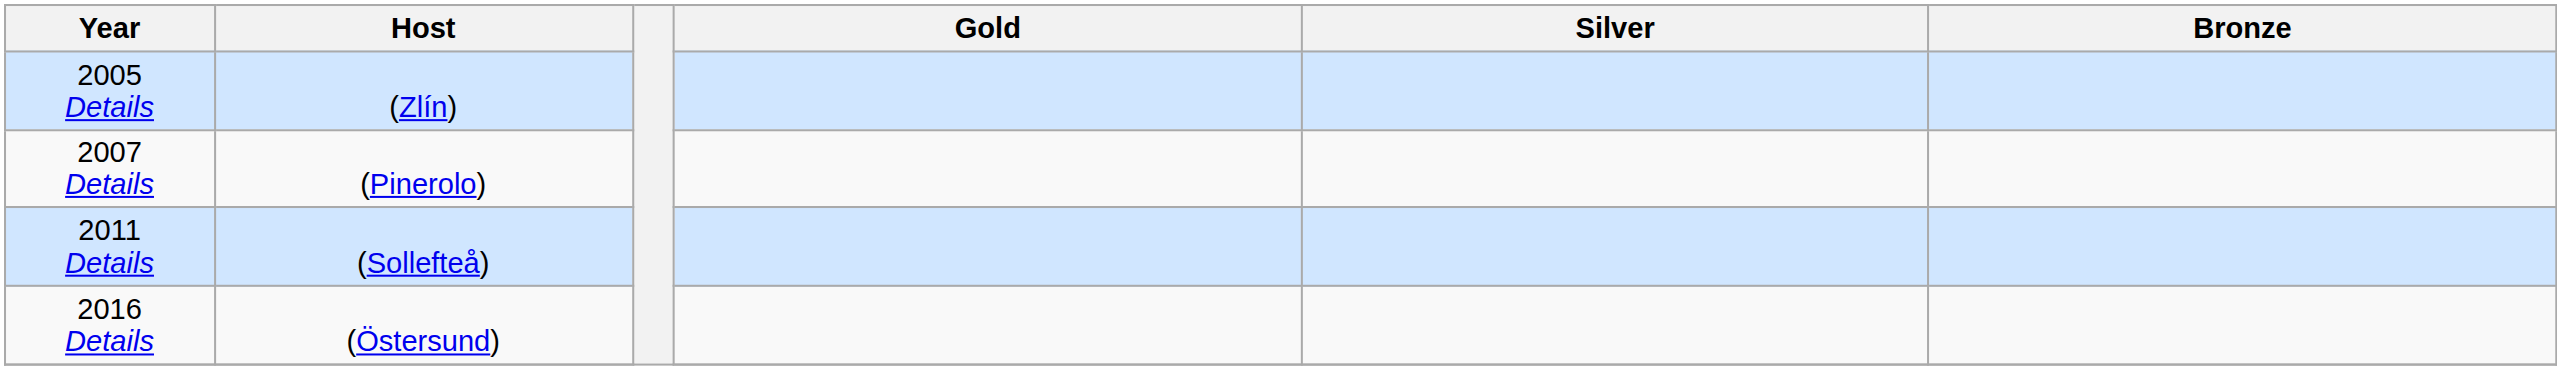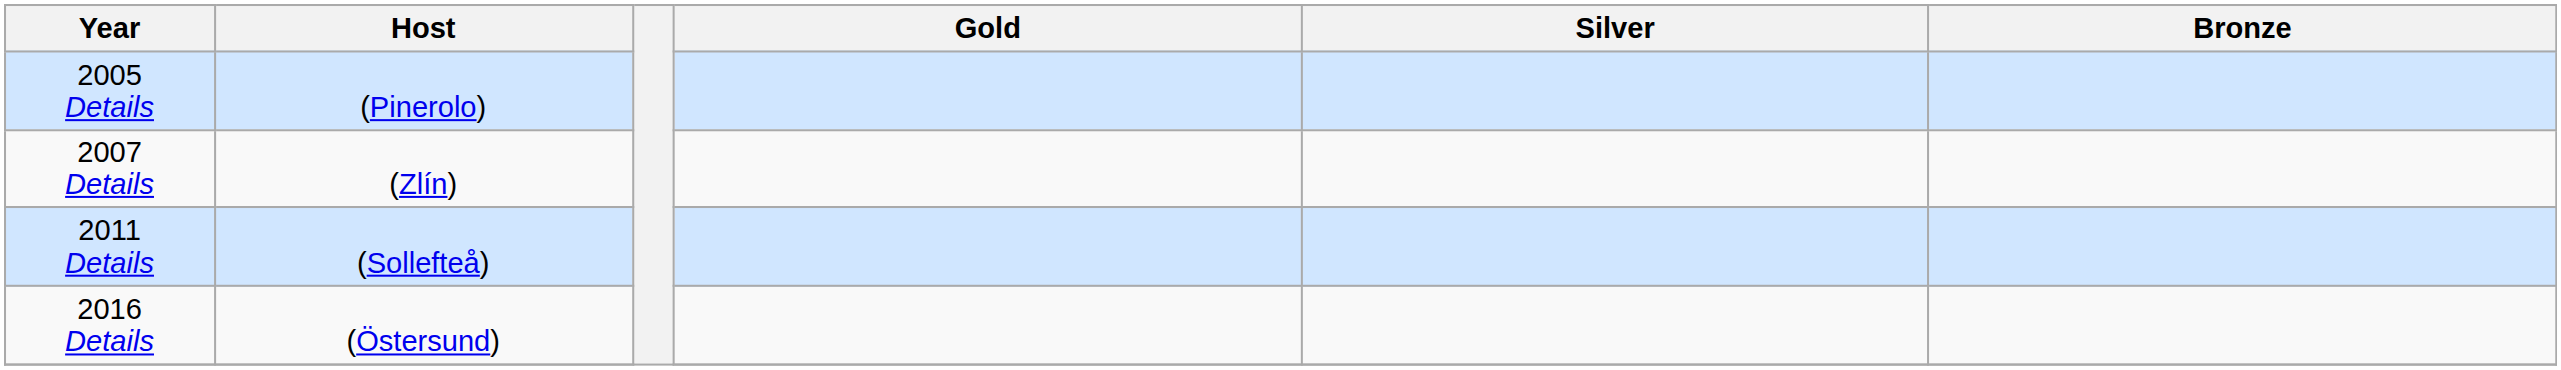 <table class=wikitable style="text-align:center; font-size:90%; width:100%">
 <tr>
 <th rowspan=1 width=5%>Year</th>
 <th rowspan=1 width=10%>Host</th>
 <th width=1% rowspan=16></th>
 <th width=15%> Gold</th>
 <th width=15%> Silver</th>
 <th width=15%> Bronze</th>
 </tr>
 <tr style="background:#D0E6FF;">
 <td>2005 <br> <em><a href='#'>Details</a></em></td>
-<td><br> (<a href='#'>Zlín</a>)</td>
+<td><br> (<a href='#'>Pinerolo</a>)</td>
 <td><strong></strong></td>
 <td></td>
 <td></td>
 </tr>
 <tr>
 <td>2007 <br> <em><a href='#'>Details</a></em></td>
-<td><br> (<a href='#'>Pinerolo</a>)</td>
+<td><br> (<a href='#'>Zlín</a>)</td>
 <td><strong></strong></td>
 <td></td>
 <td></td>
 </tr>
 <tr style="background:#D0E6FF;">
 <td>2011 <br> <em><a href='#'>Details</a></em></td>
 <td><br> (<a href='#'>Sollefteå</a>)</td>
 <td><strong></strong></td>
 <td></td>
 <td></td>
 </tr>
 <tr>
 <td>2016 <br> <em><a href='#'>Details</a></em></td>
 <td><br> (<a href='#'>Östersund</a>)</td>
 <td><strong></strong></td>
 <td></td>
 <td></td>
 </tr>
 <tr>
 </tr>
 </table>
